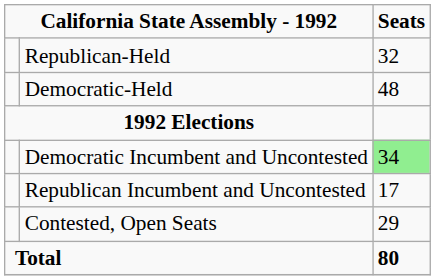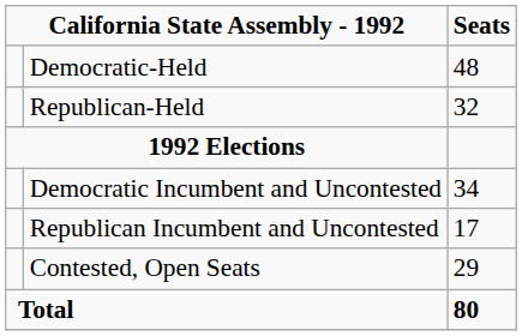 <table class="wikitable">
 <tr>
 <td colspan="2" rowspan="1" align="center" valign="top"><strong>California State Assembly - 1992</strong></td>
 <td style="vertical-align:top;"><strong>Seats</strong><br></td>
 </tr>
 <tr>
 <td style="background-color:"> </td>
-<td>Republican-Held</td>
-<td>32</td>
+<td>Democratic-Held</td>
+<td>48</td>
 </tr>
 <tr>
 <td style="background-color:"> </td>
-<td>Democratic-Held</td>
-<td>48</td>
+<td>Republican-Held</td>
+<td>32</td>
 </tr>
 <tr>
 <td colspan="2" rowspan="1" align="center"><strong>1992 Elections</strong></td>
 </tr>
 <tr>
 <td style="background-color:"> </td>
 <td>Democratic Incumbent and Uncontested</td>
-<td style="background: lightgreen;">34</td>
+<td>34</td>
 </tr>
 <tr>
 <td style="background-color:"> </td>
 <td>Republican Incumbent and Uncontested</td>
 <td>17</td>
 </tr>
 <tr>
 <td style="background-color:"> </td>
 <td>Contested, Open Seats</td>
 <td>29</td>
 </tr>
 <tr>
 <td colspan="2" rowspan="1"> <strong>Total</strong><br></td>
 <td><strong>80</strong></td>
 </tr>
 <tr>
 </tr>
 </table>
